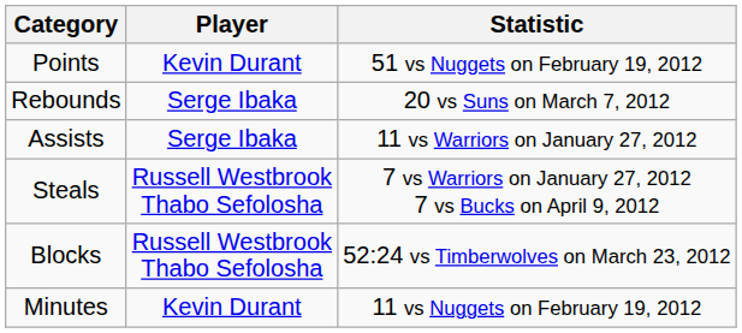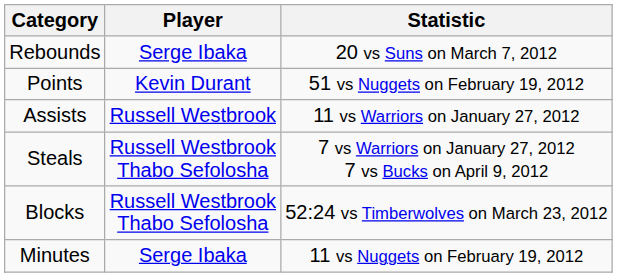 <table class="wikitable sortable sortable" style="text-align: center">
 <tr>
 <th>Category</th>
 <th>Player</th>
 <th>Statistic</th>
 </tr>
 <tr style="text-align: center">
+<td>Rebounds</td>
+<td><a href='#'>Serge Ibaka</a></td>
+<td>20 <small>vs <a href='#'>Suns</a> on March 7, 2012</small></td>
+</tr>
+<tr style="text-align: center">
 <td>Points</td>
 <td><a href='#'>Kevin Durant</a></td>
 <td>51 <small>vs <a href='#'>Nuggets</a> on February 19, 2012</small></td>
 </tr>
 <tr style="text-align: center">
-<td>Rebounds</td>
-<td><a href='#'>Serge Ibaka</a></td>
-<td>20 <small>vs <a href='#'>Suns</a> on March 7, 2012</small></td>
-</tr>
-<tr style="text-align: center">
 <td>Assists</td>
-<td><a href='#'>Serge Ibaka</a></td>
+<td><a href='#'>Russell Westbrook</a></td>
 <td>11 <small>vs <a href='#'>Warriors</a> on January 27, 2012</small></td>
 </tr>
 <tr style="text-align: center">
 <td>Steals</td>
 <td><a href='#'>Russell Westbrook</a><br><a href='#'>Thabo Sefolosha</a></td>
 <td>7 <small>vs <a href='#'>Warriors</a> on January 27, 2012</small><br>7 <small>vs <a href='#'>Bucks</a> on April 9, 2012</small></td>
 </tr>
 <tr style="text-align: center">
 <td>Blocks</td>
 <td><a href='#'>Russell Westbrook</a><br><a href='#'>Thabo Sefolosha</a></td>
 <td>52:24 <small>vs <a href='#'>Timberwolves</a> on March 23, 2012</small></td>
 </tr>
 <tr style="text-align: center">
 <td>Minutes</td>
-<td><a href='#'>Kevin Durant</a></td>
+<td><a href='#'>Serge Ibaka</a></td>
 <td>11 <small>vs <a href='#'>Nuggets</a> on February 19, 2012</small></td>
 </tr>
 </table>
